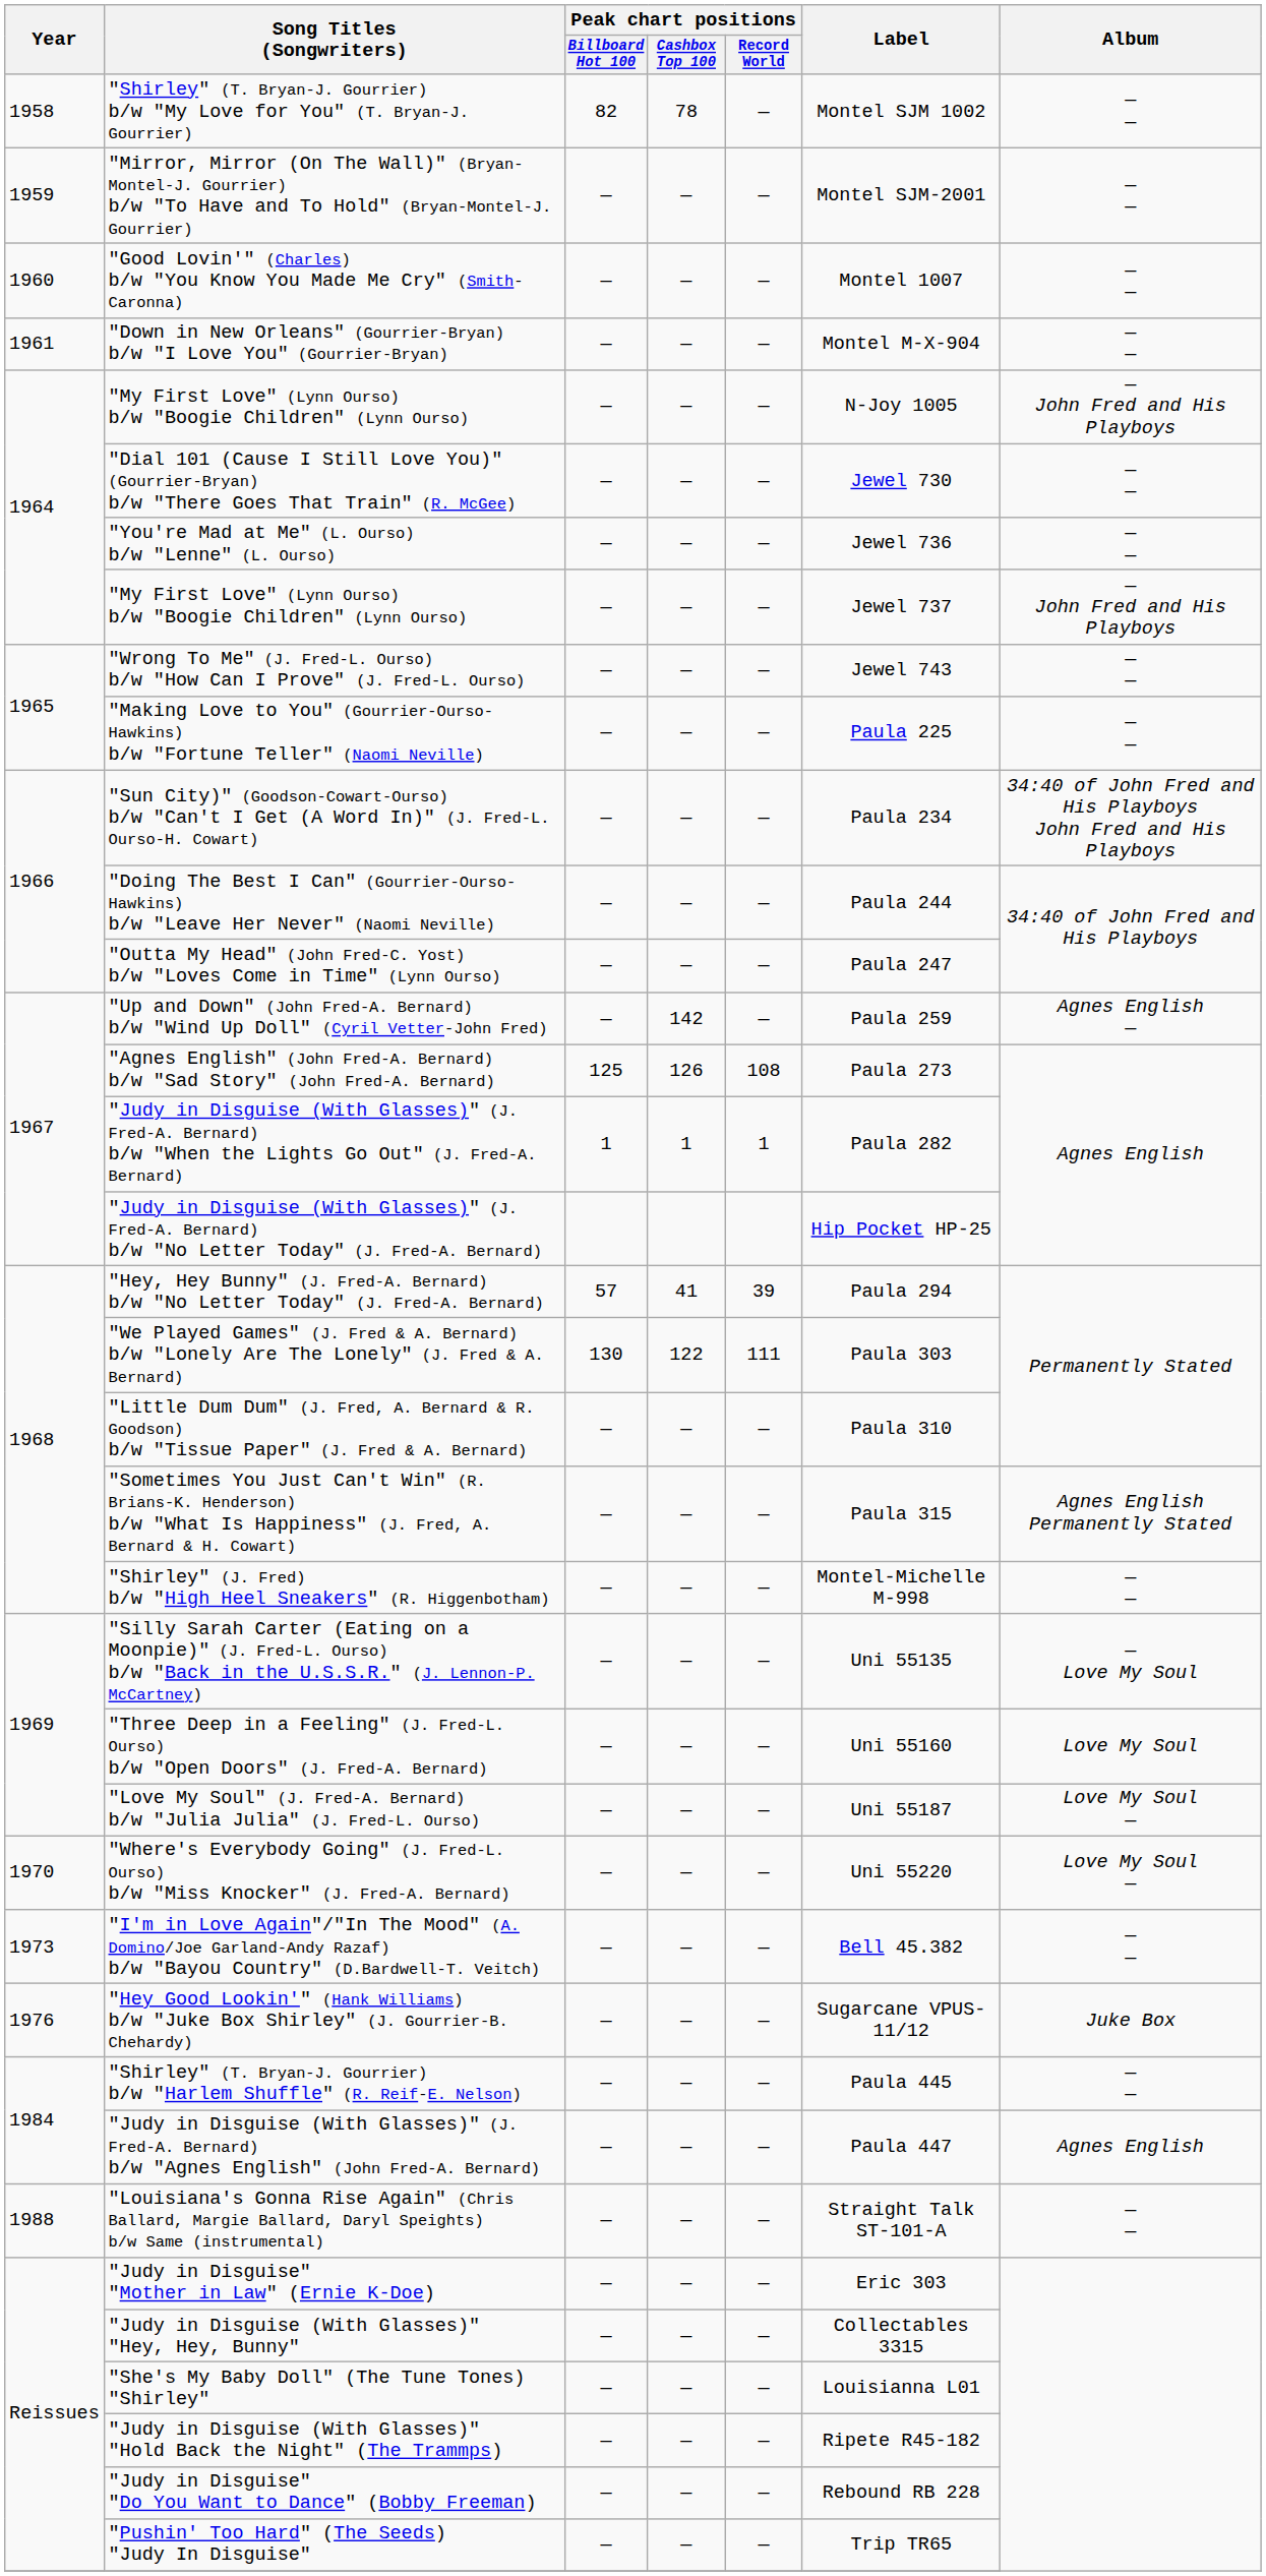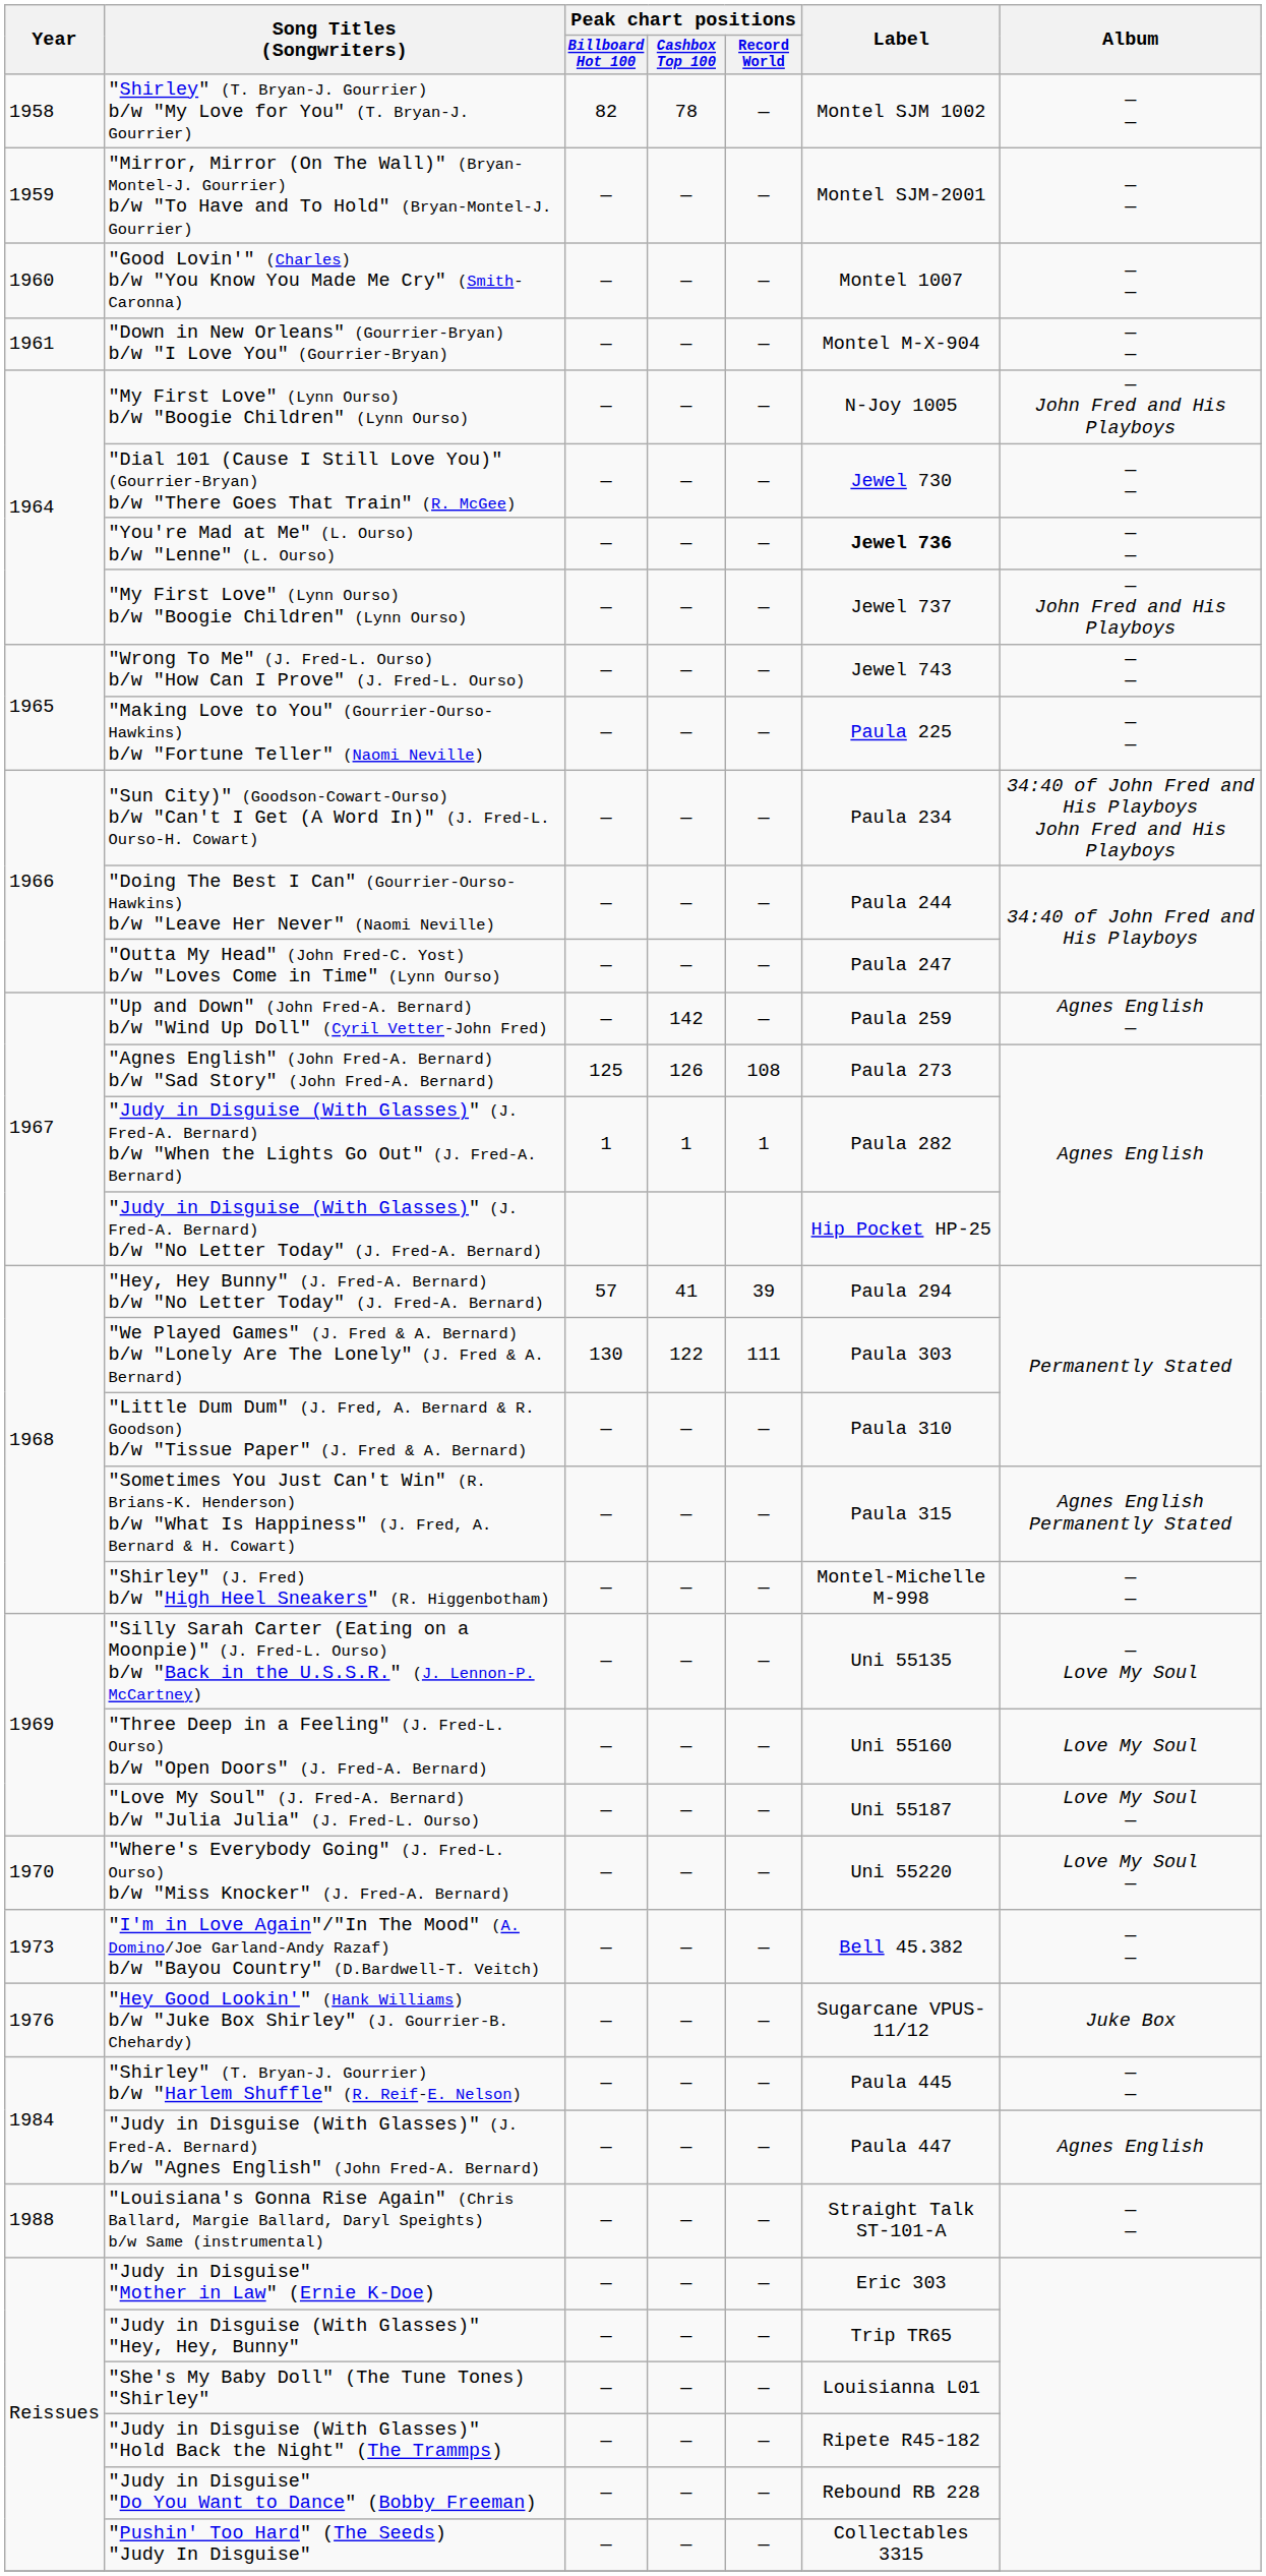 <table class="wikitable plainrowheaders">
 <tr>
 <th rowspan="2">Year</th>
 <th rowspan="2">Song Titles<br>(Songwriters)</th>
 <th colspan="3">Peak chart positions</th>
 <th rowspan="2">Label</th>
 <th rowspan="2">Album</th>
 </tr>
 <tr>
 <th style="width:5em;font-size:75%"><em><a href='#'>Billboard Hot 100</a></em> </th>
 <th style="width:5em;font-size:75%"><em><a href='#'>Cashbox Top 100</a></em> </th>
 <th style="width:5em;font-size:75%"><a href='#'>Record World</a></th>
 </tr>
 <tr>
 <td>1958</td>
 <td>"<a href='#'>Shirley</a>" <small>(T. Bryan-J. Gourrier)</small><br>b/w "My Love for You" <small>(T. Bryan-J. Gourrier)</small></td>
 <td align="center">82</td>
 <td align="center">78</td>
 <td align="center">—</td>
 <td align="center">Montel SJM 1002</td>
 <td align="center">—<br>—</td>
 </tr>
 <tr>
 <td>1959</td>
 <td>"Mirror, Mirror (On The Wall)" <small>(Bryan-Montel-J. Gourrier)</small><br>b/w "To Have and To Hold" <small>(Bryan-Montel-J. Gourrier)</small></td>
 <td align="center">—</td>
 <td align="center">—</td>
 <td align="center">—</td>
 <td align="center">Montel SJM-2001</td>
 <td align="center">—<br>—</td>
 </tr>
 <tr>
 <td>1960</td>
 <td>"Good Lovin'" <small>(<a href='#'>Charles</a>)</small><br>b/w "You Know You Made Me Cry" <small>(<a href='#'>Smith</a>-Caronna)</small></td>
 <td align="center">—</td>
 <td align="center">—</td>
 <td align="center">—</td>
 <td align="center">Montel 1007</td>
 <td align="center">—<br>—</td>
 </tr>
 <tr>
 <td>1961</td>
 <td>"Down in New Orleans"<small> (Gourrier-Bryan)</small><br>b/w "I Love You"<small> (Gourrier-Bryan)</small></td>
 <td align="center">—</td>
 <td align="center">—</td>
 <td align="center">—</td>
 <td align="center">Montel M-X-904</td>
 <td align="center">—<br>—</td>
 </tr>
 <tr>
 <td rowspan="4">1964</td>
 <td align="left">"My First Love"<small> (Lynn Ourso)</small><br>b/w "Boogie Children" <small>(Lynn Ourso)</small></td>
 <td align="center">—</td>
 <td align="center">—</td>
 <td align="center">—</td>
 <td align="center">N-Joy 1005</td>
 <td align="center">—<br><em>John Fred and His Playboys</em></td>
 </tr>
 <tr>
 <td align="left">"Dial 101 (Cause I Still Love You)"<small> (Gourrier-Bryan)</small><br>b/w "There Goes That Train"<small> (<a href='#'>R. McGee</a>)</small></td>
 <td align="center">—</td>
 <td align="center">—</td>
 <td align="center">—</td>
 <td align="center"><a href='#'>Jewel</a> 730</td>
 <td align="center">—<br>—</td>
 </tr>
 <tr>
 <td align="left">"You're Mad at Me"<small> (L. Ourso)</small><br>b/w "Lenne"<small> (L. Ourso)</small></td>
 <td align="center">—</td>
 <td align="center">—</td>
 <td align="center">—</td>
-<td align="center">Jewel 736</td>
+<td align="center"><strong>Jewel 736</strong></td>
 <td align="center">—<br>—</td>
 </tr>
 <tr>
 <td align="left">"My First Love"<small> (Lynn Ourso)</small><br>b/w "Boogie Children"<small> (Lynn Ourso)</small></td>
 <td align="center">—</td>
 <td align="center">—</td>
 <td align="center">—</td>
 <td align="center">Jewel 737</td>
 <td align="center">—<br><em>John Fred and His Playboys</em></td>
 </tr>
 <tr>
 <td rowspan="2">1965</td>
 <td align="left">"Wrong To Me"<small> (J. Fred-L. Ourso)</small><br>b/w "How Can I Prove" <small>(J. Fred-L. Ourso)</small></td>
 <td align="center">—</td>
 <td align="center">—</td>
 <td align="center">—</td>
 <td align="center">Jewel 743</td>
 <td align="center">—<br>—</td>
 </tr>
 <tr>
 <td align="left">"Making Love to You"<small> (Gourrier-Ourso-Hawkins)</small><br>b/w "Fortune Teller"<small> (<a href='#'>Naomi Neville</a>)</small></td>
 <td align="center">—</td>
 <td align="center">—</td>
 <td align="center">—</td>
 <td align="center"><a href='#'>Paula</a> 225</td>
 <td align="center">—<br>—</td>
 </tr>
 <tr>
 <td rowspan="3">1966</td>
 <td align="left">"Sun City)"<small> (Goodson-Cowart-Ourso)</small><br>b/w "Can't I Get (A Word In)" <small>(J. Fred-L. Ourso-H. Cowart)</small></td>
 <td align="center">—</td>
 <td align="center">—</td>
 <td align="center">—</td>
 <td align="center">Paula 234</td>
 <td align="center"><em>34:40 of John Fred and His Playboys</em><br><em>John Fred and His Playboys</em></td>
 </tr>
 <tr>
 <td align="left">"Doing The Best I Can"<small> (Gourrier-Ourso-Hawkins)</small><br>b/w "Leave Her Never"<small> (Naomi Neville)</small></td>
 <td align="center">—</td>
 <td align="center">—</td>
 <td align="center">—</td>
 <td align="center">Paula 244</td>
 <td rowspan="2" ; align="center"><em>34:40 of John Fred and His Playboys</em></td>
 </tr>
 <tr>
 <td align="left">"Outta My Head"<small> (John Fred-C. Yost)</small><br>b/w "Loves Come in Time"<small> (Lynn Ourso)</small></td>
 <td align="center">—</td>
 <td align="center">—</td>
 <td align="center">—</td>
 <td align="center">Paula 247</td>
 </tr>
 <tr>
 <td rowspan="4">1967</td>
 <td align="left">"Up and Down" <small>(John Fred-A. Bernard)</small><br>b/w "Wind Up Doll" <small>(<a href='#'>Cyril Vetter</a>-John Fred)</small></td>
 <td align="center">—</td>
 <td align="center">142</td>
 <td align="center">—</td>
 <td align="center">Paula 259</td>
 <td align="center"><em>Agnes English</em><br>—</td>
 </tr>
 <tr>
 <td align="left">"Agnes English"<small> (John Fred-A. Bernard)</small><br>b/w "Sad Story" <small> (John Fred-A. Bernard)</small></td>
 <td align="center">125</td>
 <td align="center">126</td>
 <td align="center">108</td>
 <td align="center">Paula 273</td>
 <td rowspan="3" ; align="center"><em>Agnes English</em></td>
 </tr>
 <tr>
 <td align="left">"<a href='#'>Judy in Disguise (With Glasses)</a>"<small> (J. Fred-A. Bernard)</small><br>b/w "When the Lights Go Out"<small> (J. Fred-A. Bernard)</small></td>
 <td align="center">1</td>
 <td align="center">1</td>
 <td align="center">1</td>
 <td align="center">Paula 282</td>
 </tr>
 <tr>
 <td align="left">"<a href='#'>Judy in Disguise (With Glasses)</a>"<small> (J. Fred-A. Bernard)</small><br>b/w "No Letter Today"<small> (J. Fred-A. Bernard)</small></td>
 <td align="center"></td>
 <td align="center"></td>
 <td align="center"></td>
 <td align="center"><a href='#'>Hip Pocket</a> HP-25</td>
 </tr>
 <tr>
 <td rowspan="5">1968</td>
 <td align="left">"Hey, Hey Bunny" <small> (J. Fred-A. Bernard)</small><br>b/w "No Letter Today" <small>(J. Fred-A. Bernard)</small></td>
 <td align="center">57</td>
 <td align="center">41</td>
 <td align="center">39</td>
 <td align="center">Paula 294</td>
 <td rowspan="3"; align="center"><em>Permanently Stated</em></td>
 </tr>
 <tr>
 <td align="left">"We Played Games" <small> (J. Fred & A. Bernard)</small><br>b/w "Lonely Are The Lonely"<small> (J. Fred & A. Bernard)</small></td>
 <td align="center">130</td>
 <td align="center">122</td>
 <td align="center">111</td>
 <td align="center">Paula 303</td>
 </tr>
 <tr>
 <td align="left">"Little Dum Dum" <small> (J. Fred, A. Bernard & R. Goodson)</small><br>b/w "Tissue Paper"<small> (J. Fred & A. Bernard)</small></td>
 <td align="center">—</td>
 <td align="center">—</td>
 <td align="center">—</td>
 <td align="center">Paula 310</td>
 </tr>
 <tr>
 <td align="left">"Sometimes You Just Can't Win" <small>(R. Brians-K. Henderson)</small><br>b/w "What Is Happiness" <small>(J. Fred, A. Bernard & H. Cowart) </small></td>
 <td align="center">—</td>
 <td align="center">—</td>
 <td align="center">—</td>
 <td align="center">Paula 315</td>
 <td align="center"><em>Agnes English</em><br><em>Permanently Stated</em></td>
 </tr>
 <tr>
 <td align="left">"Shirley" <small>(J. Fred)</small><br>b/w "<a href='#'>High Heel Sneakers</a>" <small>(R. Higgenbotham) </small></td>
 <td align="center">—</td>
 <td align="center">—</td>
 <td align="center">—</td>
 <td align="center">Montel-Michelle M-998</td>
 <td align="center">—<br>—</td>
 </tr>
 <tr>
 <td rowspan="3">1969</td>
 <td align="left">"Silly Sarah Carter (Eating on a Moonpie)"<small> (J. Fred-L. Ourso)</small><br>b/w "<a href='#'>Back in the U.S.S.R.</a>" <small>(<a href='#'>J. Lennon-P. McCartney</a>)</small></td>
 <td align="center">—</td>
 <td align="center">—</td>
 <td align="center">—</td>
 <td align="center">Uni 55135</td>
 <td align="center">—<br><em>Love My Soul</em></td>
 </tr>
 <tr>
 <td align="left">"Three Deep in a Feeling" <small>(J. Fred-L. Ourso) </small><br>b/w "Open Doors" <small> (J. Fred-A. Bernard)</small></td>
 <td align="center">—</td>
 <td align="center">—</td>
 <td align="center">—</td>
 <td align="center">Uni 55160</td>
 <td align="center"><em>Love My Soul</em></td>
 </tr>
 <tr>
 <td align="left">"Love My Soul" <small> (J. Fred-A. Bernard)</small><br>b/w "Julia Julia" <small> (J. Fred-L. Ourso)</small></td>
 <td align="center">—</td>
 <td align="center">—</td>
 <td align="center">—</td>
 <td align="center">Uni 55187</td>
 <td align="center"><em>Love My Soul</em><br>—</td>
 </tr>
 <tr>
 <td>1970</td>
 <td align="left">"Where's Everybody Going" <small>(J. Fred-L. Ourso)</small><br>b/w "Miss Knocker" <small>(J. Fred-A. Bernard)</small></td>
 <td align="center">—</td>
 <td align="center">—</td>
 <td align="center">—</td>
 <td align="center">Uni 55220</td>
 <td align="center"><em>Love My Soul</em><br>—</td>
 </tr>
 <tr>
 <td>1973</td>
 <td align="left">"<a href='#'>I'm in Love Again</a>"/"In The Mood" <small>(<a href='#'>A. Domino</a>/Joe Garland-Andy Razaf)</small><br>b/w "Bayou Country" <small>(D.Bardwell-T. Veitch) </small></td>
 <td align="center">—</td>
 <td align="center">—</td>
 <td align="center">—</td>
 <td align="center"><a href='#'>Bell</a> 45.382</td>
 <td align="center">—<br>—</td>
 </tr>
 <tr>
 <td>1976</td>
 <td align="left">"<a href='#'>Hey Good Lookin'</a>" <small>(<a href='#'>Hank Williams</a>)</small><br>b/w "Juke Box Shirley" <small>(J. Gourrier-B. Chehardy)</small></td>
 <td align="center">—</td>
 <td align="center">—</td>
 <td align="center">—</td>
 <td align="center">Sugarcane VPUS-11/12</td>
 <td align="center"><em>Juke Box</em></td>
 </tr>
 <tr>
 <td rowspan="2">1984</td>
 <td align="left">"Shirley" <small> (T. Bryan-J. Gourrier)</small><br>b/w "<a href='#'>Harlem Shuffle</a>"<small> (<a href='#'>R. Reif</a>-<a href='#'>E. Nelson</a>)</small></td>
 <td align="center">—</td>
 <td align="center">—</td>
 <td align="center">—</td>
 <td align="center">Paula 445</td>
 <td align="center">—<br>—</td>
 </tr>
 <tr>
 <td align="left">"Judy in Disguise (With Glasses)"<small> (J. Fred-A. Bernard)</small><br>b/w "Agnes English" <small>(John Fred-A. Bernard)</small></td>
 <td align="center">—</td>
 <td align="center">—</td>
 <td align="center">—</td>
 <td align="center">Paula 447</td>
 <td align="center"><em>Agnes English</em></td>
 </tr>
 <tr>
 <td>1988</td>
 <td align="left">"Louisiana's Gonna Rise Again" <small>(Chris Ballard, Margie Ballard, Daryl Speights)<br>b/w Same (instrumental)</small></td>
 <td align="center">—</td>
 <td align="center">—</td>
 <td align="center">—</td>
 <td align="center">Straight Talk ST-101-A</td>
 <td align="center">—<br>—</td>
 </tr>
 <tr>
 <td rowspan="6">Reissues</td>
 <td align="left">"Judy in Disguise"<br>"<a href='#'>Mother in Law</a>" (<a href='#'>Ernie K-Doe</a>)</td>
 <td align="center">—</td>
 <td align="center">—</td>
 <td align="center">—</td>
 <td align="center">Eric 303</td>
 </tr>
 <tr>
 <td align="left">"Judy in Disguise (With Glasses)"<br>"Hey, Hey, Bunny"</td>
 <td align="center">—</td>
 <td align="center">—</td>
 <td align="center">—</td>
-<td align="center">Collectables 3315</td>
+<td align="center">Trip TR65</td>
 </tr>
 <tr>
 <td align="left">"She's My Baby Doll" (The Tune Tones)<br>"Shirley"</td>
 <td align="center">—</td>
 <td align="center">—</td>
 <td align="center">—</td>
 <td align="center">Louisianna L01</td>
 </tr>
 <tr>
 <td align="left">"Judy in Disguise (With Glasses)"<br>"Hold Back the Night" (<a href='#'>The Trammps</a>)</td>
 <td align="center">—</td>
 <td align="center">—</td>
 <td align="center">—</td>
 <td align="center">Ripete R45-182</td>
 </tr>
 <tr>
 <td align="left">"Judy in Disguise"<br>"<a href='#'>Do You Want to Dance</a>" (<a href='#'>Bobby Freeman</a>)</td>
 <td align="center">—</td>
 <td align="center">—</td>
 <td align="center">—</td>
 <td align="center">Rebound RB 228</td>
 </tr>
 <tr>
 <td align="left">"<a href='#'>Pushin' Too Hard</a>" (<a href='#'>The Seeds</a>)<br>"Judy In Disguise"</td>
 <td align="center">—</td>
 <td align="center">—</td>
 <td align="center">—</td>
-<td align="center">Trip TR65</td>
+<td align="center">Collectables 3315</td>
 </tr>
 <tr>
 </tr>
 </table>
